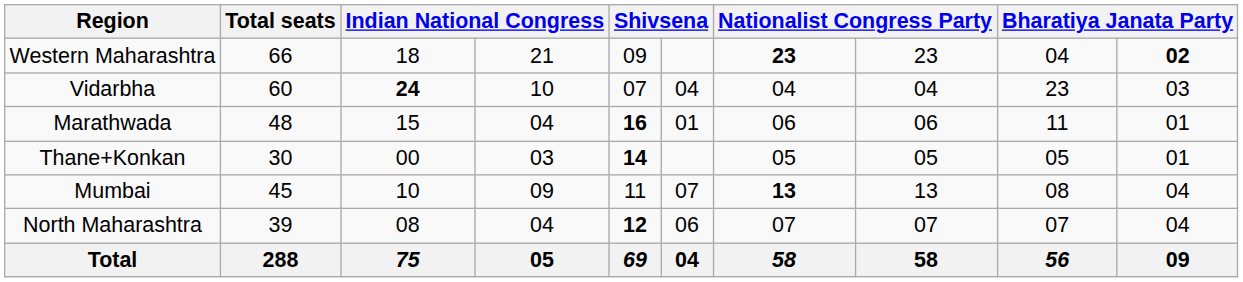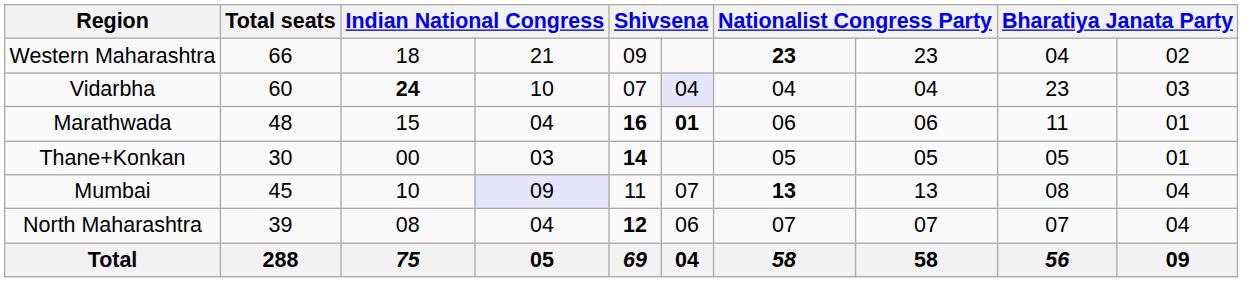 <table class="wikitable sortable" style="text-align:center;">
 <tr>
 <th>Region</th>
 <th>Total seats</th>
 <th colspan="2"><a href='#'>Indian National Congress</a></th>
 <th colspan="2"><a href='#'>Shivsena</a></th>
 <th colspan="2"><a href='#'>Nationalist Congress Party</a></th>
 <th colspan="2"><a href='#'>Bharatiya Janata Party</a></th>
 </tr>
 <tr>
 <td>Western Maharashtra</td>
 <td>66</td>
 <td>18</td>
 <td> 21</td>
 <td>09</td>
 <td></td>
 <td><strong>23</strong></td>
 <td> 23</td>
 <td>04</td>
-<td><strong> 02</strong></td>
+<td> 02</td>
 </tr>
 <tr>
 <td>Vidarbha</td>
 <td>60</td>
 <td><strong>24</strong></td>
 <td> 10</td>
 <td>07</td>
-<td> 04</td>
+<td style="background: lavender;"> 04</td>
 <td>04</td>
 <td> 04</td>
 <td>23</td>
 <td> 03</td>
 </tr>
 <tr>
 <td>Marathwada</td>
 <td>48</td>
 <td>15</td>
 <td> 04</td>
 <td><strong>16</strong></td>
-<td> 01</td>
+<td><strong> 01</strong></td>
 <td>06</td>
 <td> 06</td>
 <td>11</td>
 <td> 01</td>
 </tr>
 <tr>
 <td>Thane+Konkan</td>
 <td>30</td>
 <td>00</td>
 <td> 03</td>
 <td><strong>14</strong></td>
 <td></td>
 <td>05</td>
 <td> 05</td>
 <td>05</td>
 <td> 01</td>
 </tr>
 <tr>
 <td>Mumbai</td>
 <td>45</td>
 <td>10</td>
-<td> 09</td>
+<td style="background: lavender;"> 09</td>
 <td>11</td>
 <td> 07</td>
 <td><strong>13</strong></td>
 <td> 13</td>
 <td>08</td>
 <td> 04</td>
 </tr>
 <tr>
 <td>North Maharashtra</td>
 <td>39</td>
 <td>08</td>
 <td> 04</td>
 <td><strong>12</strong></td>
 <td> 06</td>
 <td>07</td>
 <td> 07</td>
 <td>07</td>
 <td> 04</td>
 </tr>
 <tr>
 <th><strong>Total</strong></th>
 <th><strong>288</strong></th>
 <th><strong><em>75</em></strong></th>
 <th> 05</th>
 <th><strong><em>69</em></strong></th>
 <th> 04</th>
 <th><strong><em>58</em></strong></th>
 <th> 58</th>
 <th><strong><em>56</em></strong></th>
 <th> 09</th>
 </tr>
 </table>
